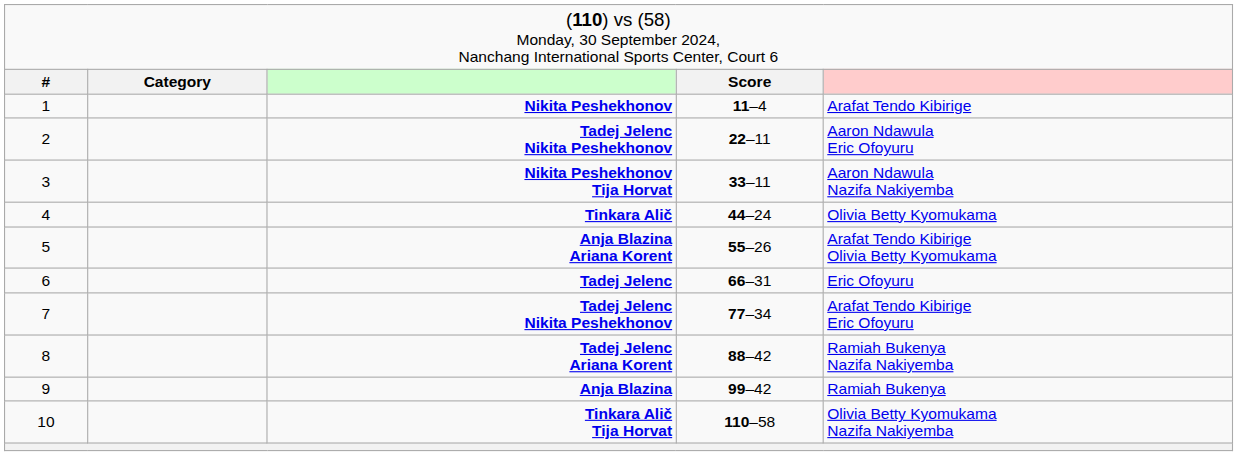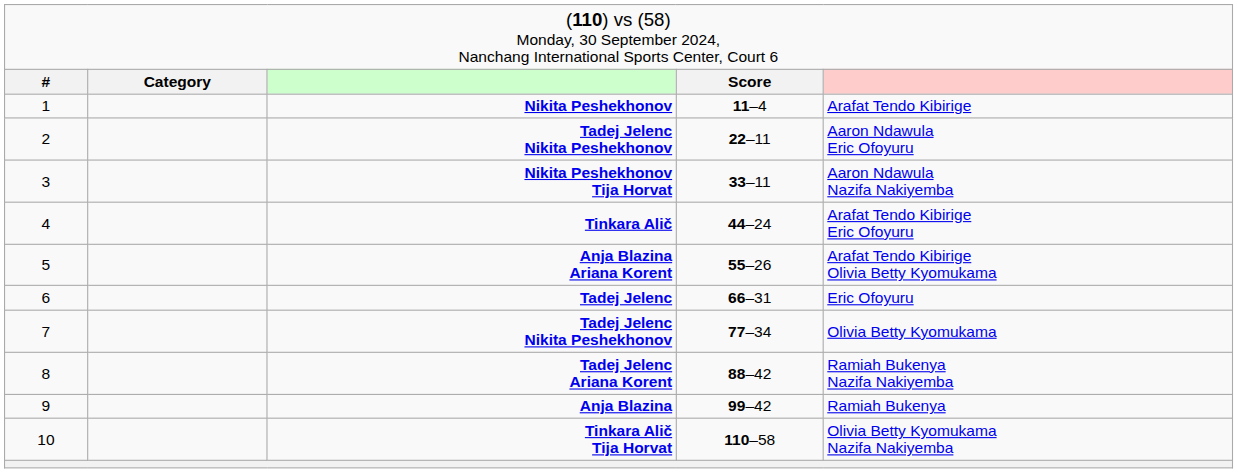 <table class="wikitable mw-collapsible mw-collapsed" style="font-size:90%; text-align:center" width="90%">
 <tr>
 <td colspan="5"><big>(<strong>110</strong>) <strong></strong> vs  (58)</big><br>Monday, 30 September 2024, <br>Nanchang International Sports Center, Court 6</td>
 </tr>
 <tr>
 <th width="25">#</th>
 <th width="50">Category</th>
 <th style="background-color:#CCFFCC" width="150"></th>
 <th width="50">Score<br></th>
 <th style="background-color:#FFCCCC" width="150"></th>
 </tr>
 <tr>
 <td>1</td>
 <td></td>
 <td align="right"><strong><a href='#'>Nikita Peshekhonov</a> </strong></td>
 <td><strong>11</strong>–4<br></td>
 <td align="left"> <a href='#'>Arafat Tendo Kibirige</a></td>
 </tr>
 <tr>
 <td>2</td>
 <td></td>
 <td align="right"><strong><a href='#'>Tadej Jelenc</a> <br><a href='#'>Nikita Peshekhonov</a> </strong></td>
 <td><strong>22</strong>–11<br></td>
 <td align="left"> <a href='#'>Aaron Ndawula</a><br> <a href='#'>Eric Ofoyuru</a></td>
 </tr>
 <tr>
 <td>3</td>
 <td></td>
 <td align="right"><strong><a href='#'>Nikita Peshekhonov</a> <br><a href='#'>Tija Horvat</a> </strong></td>
 <td><strong>33</strong>–11<br></td>
 <td align="left"> <a href='#'>Aaron Ndawula</a><br> <a href='#'>Nazifa Nakiyemba</a></td>
 </tr>
 <tr>
 <td>4</td>
 <td></td>
 <td align="right"><strong><a href='#'>Tinkara Alič</a> </strong></td>
 <td><strong>44</strong>–24<br></td>
-<td align="left"> <a href='#'>Olivia Betty Kyomukama</a></td>
+<td align="left"> <a href='#'>Arafat Tendo Kibirige</a><br> <a href='#'>Eric Ofoyuru</a></td>
 </tr>
 <tr>
 <td>5</td>
 <td></td>
 <td align="right"><strong><a href='#'>Anja Blazina</a> <br><a href='#'>Ariana Korent</a> </strong></td>
 <td><strong>55</strong>–26<br></td>
 <td align="left"> <a href='#'>Arafat Tendo Kibirige</a><br> <a href='#'>Olivia Betty Kyomukama</a></td>
 </tr>
 <tr>
 <td>6</td>
 <td></td>
 <td align="right"><strong><a href='#'>Tadej Jelenc</a> </strong></td>
 <td><strong>66</strong>–31<br></td>
 <td align="left"> <a href='#'>Eric Ofoyuru</a></td>
 </tr>
 <tr>
 <td>7</td>
 <td></td>
 <td align="right"><strong><a href='#'>Tadej Jelenc</a> <br><a href='#'>Nikita Peshekhonov</a> </strong></td>
 <td><strong>77</strong>–34<br></td>
-<td align="left"> <a href='#'>Arafat Tendo Kibirige</a><br> <a href='#'>Eric Ofoyuru</a></td>
+<td align="left"> <a href='#'>Olivia Betty Kyomukama</a></td>
 </tr>
 <tr>
 <td>8</td>
 <td></td>
 <td align="right"><strong><a href='#'>Tadej Jelenc</a> <br><a href='#'>Ariana Korent</a> </strong></td>
 <td><strong>88</strong>–42<br></td>
 <td align="left"> <a href='#'>Ramiah Bukenya</a><br> <a href='#'>Nazifa Nakiyemba</a></td>
 </tr>
 <tr>
 <td>9</td>
 <td></td>
 <td align="right"><strong><a href='#'>Anja Blazina</a> </strong></td>
 <td><strong>99</strong>–42<br></td>
 <td align="left"> <a href='#'>Ramiah Bukenya</a></td>
 </tr>
 <tr>
 <td>10</td>
 <td></td>
 <td align="right"><strong><a href='#'>Tinkara Alič</a> <br><a href='#'>Tija Horvat</a> </strong></td>
 <td><strong>110</strong>–58<br></td>
 <td align="left"> <a href='#'>Olivia Betty Kyomukama</a><br> <a href='#'>Nazifa Nakiyemba</a></td>
 </tr>
 <tr>
 <th colspan="5"></th>
 </tr>
 </table>
